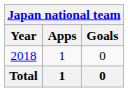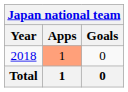 <table class="wikitable" style="text-align:center">
 <tr>
 <th colspan=3><a href='#'>Japan national team</a></th>
 </tr>
 <tr>
 <th>Year</th>
 <th>Apps</th>
 <th>Goals</th>
 </tr>
 <tr>
 <td><a href='#'>2018</a></td>
-<td>1</td>
+<td style="background: lightsalmon;">1</td>
 <td>0</td>
 </tr>
 <tr>
 <th>Total</th>
 <th>1</th>
 <th>0</th>
 </tr>
 </table>
